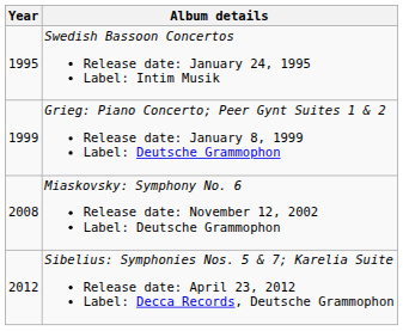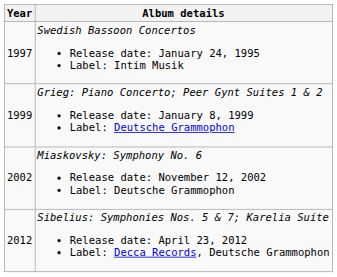 <table class="wikitable">
 <tr>
 <th>Year</th>
 <th>Album details</th>
 </tr>
 <tr>
-<td>1995</td>
+<td>1997</td>
 <td><em>Swedish Bassoon Concertos</em><br><ul><li>Release date: January 24, 1995</li><li>Label: Intim Musik</li></ul></td>
 </tr>
 <tr>
 <td>1999</td>
 <td><em>Grieg: Piano Concerto; Peer Gynt Suites 1 & 2</em><br><ul><li>Release date: January 8, 1999</li><li>Label: <a href='#'>Deutsche Grammophon</a></li></ul></td>
 </tr>
 <tr>
-<td>2008</td>
+<td>2002</td>
 <td><em>Miaskovsky: Symphony No. 6</em><br><ul><li>Release date: November 12, 2002</li><li>Label: Deutsche Grammophon</li></ul></td>
 </tr>
 <tr>
 <td>2012</td>
 <td><em>Sibelius: Symphonies Nos. 5 & 7; Karelia Suite</em><br><ul><li>Release date: April 23, 2012</li><li>Label: <a href='#'>Decca Records</a>, Deutsche Grammophon</li></ul></td>
 </tr>
 </table>
